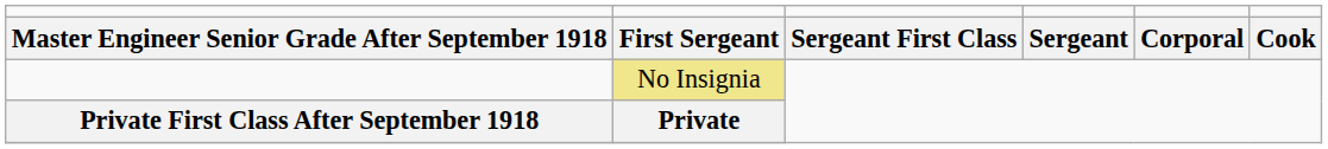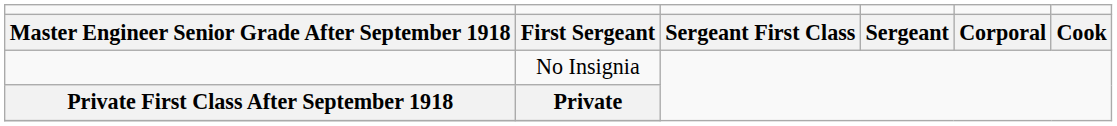 <table class="wikitable" style="text-align:center">
 <tr>
 <td></td>
 <td></td>
 <td></td>
 <td></td>
 <td></td>
 <td></td>
 </tr>
 <tr>
 <th>Master Engineer Senior Grade After September 1918</th>
 <th>First Sergeant</th>
 <th>Sergeant First Class</th>
 <th>Sergeant</th>
 <th>Corporal</th>
 <th>Cook</th>
 </tr>
 <tr>
 <td></td>
-<td style="background: khaki;">No Insignia</td>
+<td>No Insignia</td>
 </tr>
 <tr>
 <th>Private First Class After September 1918</th>
 <th>Private</th>
 </tr>
 <tr>
 </tr>
 </table>
